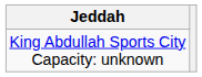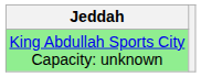 <table class="wikitable" style="margin:1em auto; text-align:center;">
 <tr>
 <th style="border-left:none; border-right;">Jeddah</th>
 <th rowspan="6"></th>
 </tr>
 <tr>
-<td><a href='#'>King Abdullah Sports City</a><br>Capacity: unknown</td>
+<td style="background: lightgreen;"><a href='#'>King Abdullah Sports City</a><br>Capacity: unknown</td>
 </tr>
 </table>
